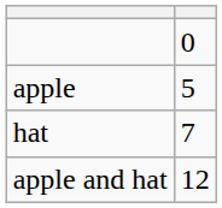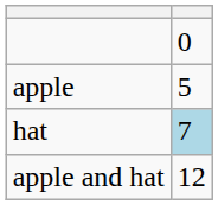 <table class="wikitable" style="float:right">
 <tr>
 <th></th>
 <th></th>
 </tr>
 <tr>
 <td></td>
 <td>0</td>
 </tr>
 <tr>
 <td>apple</td>
 <td>5</td>
 </tr>
 <tr>
 <td>hat</td>
-<td>7</td>
+<td style="background: lightblue;">7</td>
 </tr>
 <tr>
 <td>apple and hat</td>
 <td>12</td>
 </tr>
 </table>
